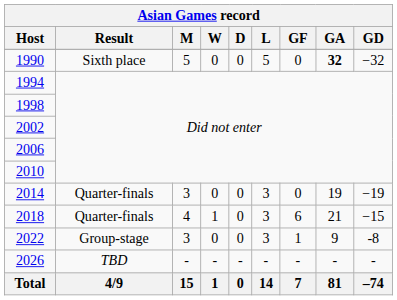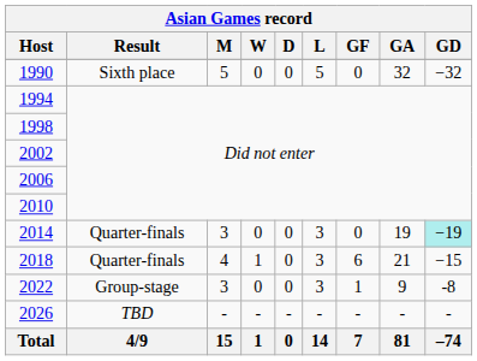 <table class="wikitable" style="text-align: center; width:35%;">
 <tr>
 <th colspan=9><a href='#'>Asian Games</a> record</th>
 </tr>
 <tr>
 <th>Host</th>
 <th>Result</th>
 <th>M</th>
 <th>W</th>
 <th>D</th>
 <th>L</th>
 <th>GF</th>
 <th>GA</th>
 <th>GD</th>
 </tr>
 <tr>
 </tr>
 <tr>
 <td> <a href='#'>1990</a></td>
 <td>Sixth place</td>
 <td>5</td>
 <td>0</td>
 <td>0</td>
 <td>5</td>
 <td>0</td>
-<td><strong>32</strong></td>
+<td>32</td>
 <td>−32</td>
 </tr>
 <tr>
 <td> <a href='#'>1994</a></td>
 <td colspan=9 rowspan=5><em>Did not enter</em></td>
 </tr>
 <tr>
 <td> <a href='#'>1998</a></td>
 </tr>
 <tr>
 <td> <a href='#'>2002</a></td>
 </tr>
 <tr>
 <td> <a href='#'>2006</a></td>
 </tr>
 <tr>
 <td> <a href='#'>2010</a></td>
 </tr>
 <tr>
 <td> <a href='#'>2014</a></td>
 <td>Quarter-finals</td>
 <td>3</td>
 <td>0</td>
 <td>0</td>
 <td>3</td>
 <td>0</td>
 <td>19</td>
-<td>−19</td>
+<td style="background: paleturquoise;">−19</td>
 </tr>
 <tr>
 <td> <a href='#'>2018</a></td>
 <td>Quarter-finals</td>
 <td>4</td>
 <td>1</td>
 <td>0</td>
 <td>3</td>
 <td>6</td>
 <td>21</td>
 <td>−15</td>
 </tr>
 <tr>
 <td> <a href='#'>2022</a></td>
 <td>Group-stage</td>
 <td>3</td>
 <td>0</td>
 <td>0</td>
 <td>3</td>
 <td>1</td>
 <td>9</td>
 <td>-8</td>
 </tr>
 <tr>
 <td> <a href='#'>2026</a></td>
 <td><em>TBD</em></td>
 <td><em>-</em></td>
 <td><em>-</em></td>
 <td><em>-</em></td>
 <td><em>-</em></td>
 <td><em>-</em></td>
 <td><em>-</em></td>
 <td><em>-</em></td>
 </tr>
 <tr>
 <th><strong>Total</strong></th>
 <th><strong>4/9</strong></th>
 <th><strong>15</strong></th>
 <th><strong>1</strong></th>
 <th><strong>0</strong></th>
 <th><strong>14</strong></th>
 <th><strong>7</strong></th>
 <th><strong>81</strong></th>
 <th><strong>–74</strong></th>
 </tr>
 </table>
